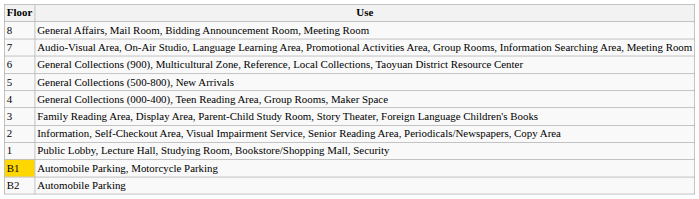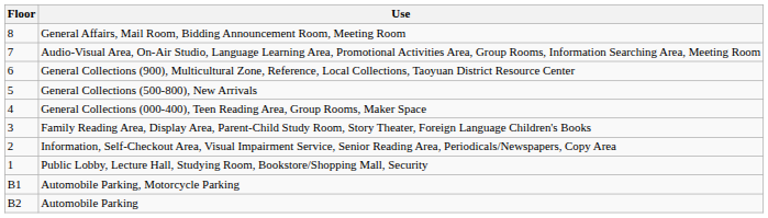 <table class="wikitable">
 <tr>
 <th>Floor</th>
 <th>Use</th>
 </tr>
 <tr>
 <td>8</td>
 <td>General Affairs, Mail Room, Bidding Announcement Room, Meeting Room</td>
 </tr>
 <tr>
 <td>7</td>
 <td>Audio-Visual Area, On-Air Studio, Language Learning Area, Promotional Activities Area, Group Rooms, Information Searching Area, Meeting Room</td>
 </tr>
 <tr>
 <td>6</td>
 <td>General Collections (900), Multicultural Zone, Reference, Local Collections, Taoyuan District Resource Center</td>
 </tr>
 <tr>
 <td>5</td>
 <td>General Collections (500-800), New Arrivals</td>
 </tr>
 <tr>
 <td>4</td>
 <td>General Collections (000-400), Teen Reading Area, Group Rooms, Maker Space</td>
 </tr>
 <tr>
 <td>3</td>
 <td>Family Reading Area, Display Area, Parent-Child Study Room, Story Theater, Foreign Language Children's Books</td>
 </tr>
 <tr>
 <td>2</td>
 <td>Information, Self-Checkout Area, Visual Impairment Service, Senior Reading Area, Periodicals/Newspapers, Copy Area</td>
 </tr>
 <tr>
 <td>1</td>
 <td>Public Lobby, Lecture Hall, Studying Room, Bookstore/Shopping Mall, Security</td>
 </tr>
 <tr>
-<td style="background: gold;">B1</td>
+<td>B1</td>
 <td>Automobile Parking, Motorcycle Parking</td>
 </tr>
 <tr>
 <td>B2</td>
 <td>Automobile Parking</td>
 </tr>
 </table>
